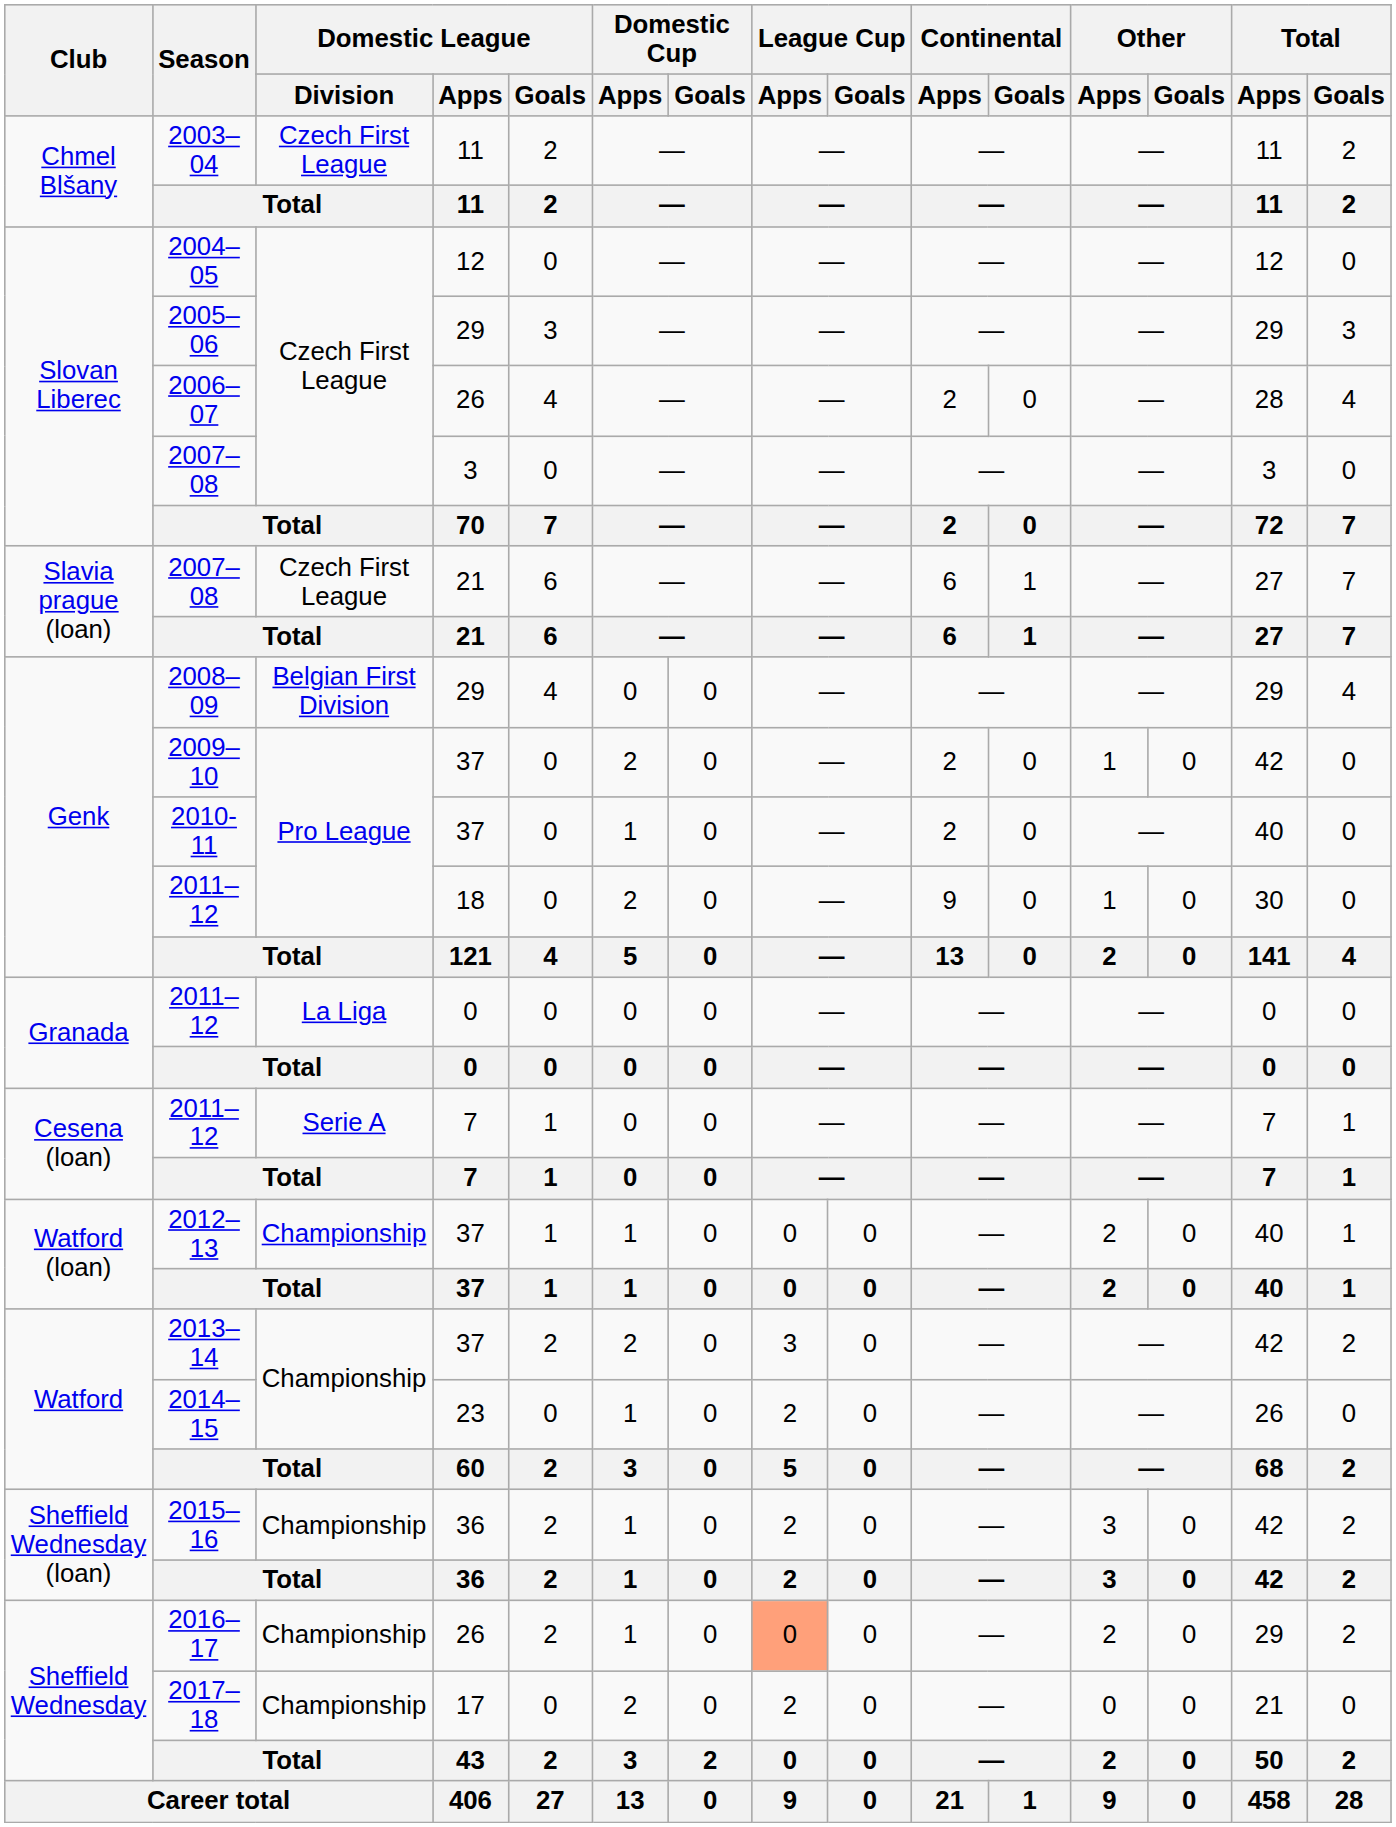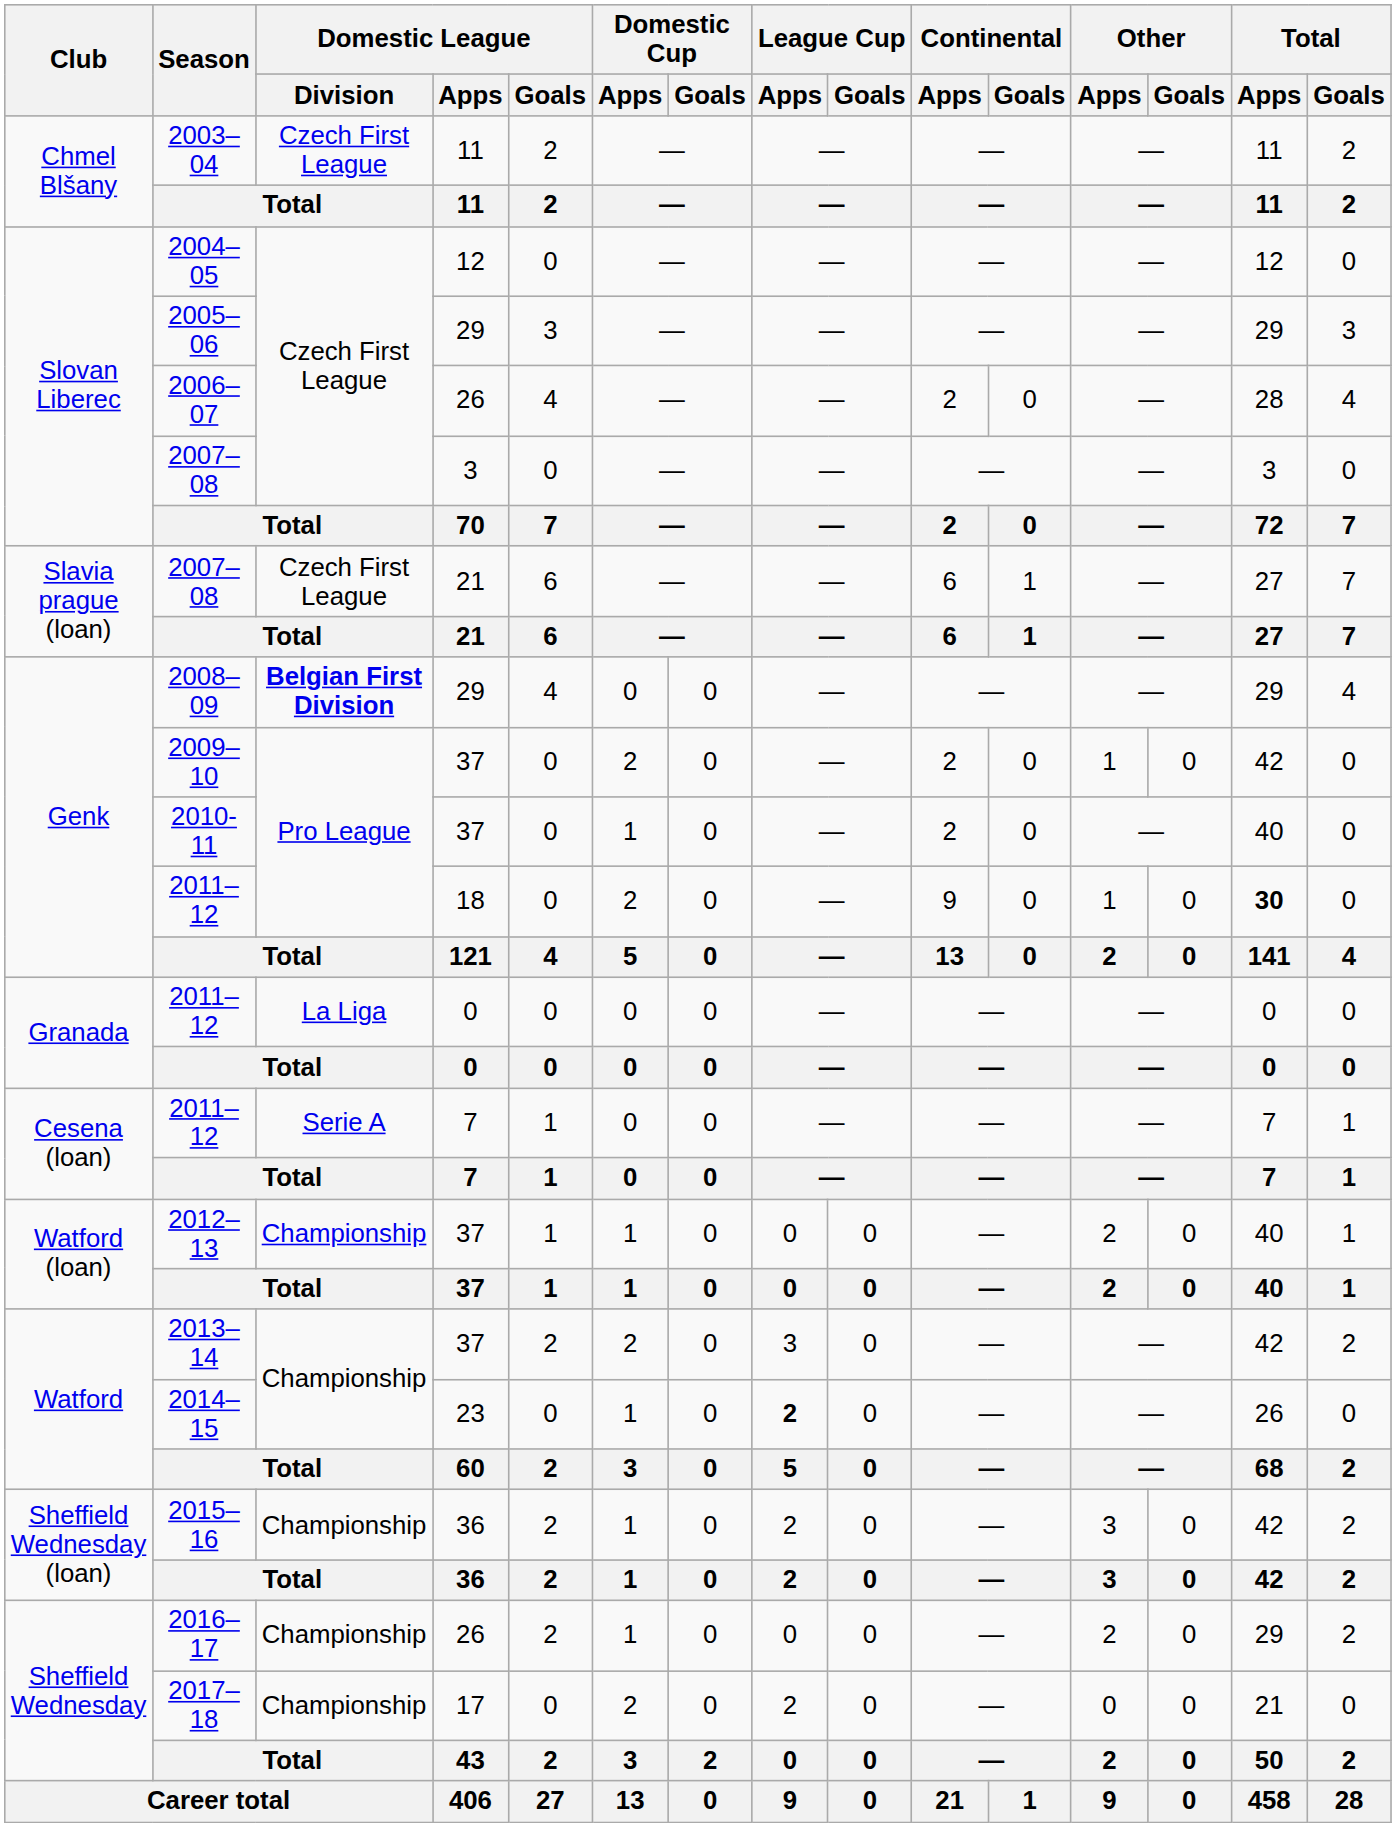 <table class="wikitable" style="text-align: center">
 <tr>
 <th rowspan="2">Club</th>
 <th rowspan="2">Season</th>
 <th colspan="3">Domestic League</th>
 <th colspan="2">Domestic Cup</th>
 <th colspan="2">League Cup</th>
 <th colspan="2">Continental</th>
 <th colspan="2">Other</th>
 <th colspan="2">Total</th>
 </tr>
 <tr>
 <th>Division</th>
 <th>Apps</th>
 <th>Goals</th>
 <th>Apps</th>
 <th>Goals</th>
 <th>Apps</th>
 <th>Goals</th>
 <th>Apps</th>
 <th>Goals</th>
 <th>Apps</th>
 <th>Goals</th>
 <th>Apps</th>
 <th>Goals</th>
 </tr>
 <tr>
 <td rowspan="2"><a href='#'>Chmel Blšany</a></td>
 <td><a href='#'>2003–04</a></td>
 <td><a href='#'>Czech First League</a></td>
 <td>11</td>
 <td>2</td>
 <td colspan="2">—</td>
 <td colspan="2">—</td>
 <td colspan="2">—</td>
 <td colspan="2">—</td>
 <td>11</td>
 <td>2</td>
 </tr>
 <tr>
 <th colspan="2">Total</th>
 <th>11</th>
 <th>2</th>
 <th colspan="2">—</th>
 <th colspan="2">—</th>
 <th colspan="2">—</th>
 <th colspan="2">—</th>
 <th>11</th>
 <th>2</th>
 </tr>
 <tr>
 <td rowspan="5"><a href='#'>Slovan Liberec</a></td>
 <td><a href='#'>2004–05</a></td>
 <td rowspan="4">Czech First League</td>
 <td>12</td>
 <td>0</td>
 <td colspan="2">—</td>
 <td colspan="2">—</td>
 <td colspan="2">—</td>
 <td colspan="2">—</td>
 <td>12</td>
 <td>0</td>
 </tr>
 <tr>
 <td><a href='#'>2005–06</a></td>
 <td>29</td>
 <td>3</td>
 <td colspan="2">—</td>
 <td colspan="2">—</td>
 <td colspan="2">—</td>
 <td colspan="2">—</td>
 <td>29</td>
 <td>3</td>
 </tr>
 <tr>
 <td><a href='#'>2006–07</a></td>
 <td>26</td>
 <td>4</td>
 <td colspan="2">—</td>
 <td colspan="2">—</td>
 <td>2</td>
 <td>0</td>
 <td colspan="2">—</td>
 <td>28</td>
 <td>4</td>
 </tr>
 <tr>
 <td><a href='#'>2007–08</a></td>
 <td>3</td>
 <td>0</td>
 <td colspan="2">—</td>
 <td colspan="2">—</td>
 <td colspan="2">—</td>
 <td colspan="2">—</td>
 <td>3</td>
 <td>0</td>
 </tr>
 <tr>
 <th colspan="2">Total</th>
 <th>70</th>
 <th>7</th>
 <th colspan="2">—</th>
 <th colspan="2">—</th>
 <th>2</th>
 <th>0</th>
 <th colspan="2">—</th>
 <th>72</th>
 <th>7</th>
 </tr>
 <tr>
 <td rowspan="2"><a href='#'>Slavia prague</a> (loan)</td>
 <td><a href='#'>2007–08</a></td>
 <td>Czech First League</td>
 <td>21</td>
 <td>6</td>
 <td colspan="2">—</td>
 <td colspan="2">—</td>
 <td>6</td>
 <td>1</td>
 <td colspan="2">—</td>
 <td>27</td>
 <td>7</td>
 </tr>
 <tr>
 <th colspan="2">Total</th>
 <th>21</th>
 <th>6</th>
 <th colspan="2">—</th>
 <th colspan="2">—</th>
 <th>6</th>
 <th>1</th>
 <th colspan="2">—</th>
 <th>27</th>
 <th>7</th>
 </tr>
 <tr>
 <td rowspan="5"><a href='#'>Genk</a></td>
 <td><a href='#'>2008–09</a></td>
-<td><a href='#'>Belgian First Division</a></td>
+<td><strong><a href='#'>Belgian First Division</a></strong></td>
 <td>29</td>
 <td>4</td>
 <td>0</td>
 <td>0</td>
 <td colspan="2">—</td>
 <td colspan="2">—</td>
 <td colspan="2">—</td>
 <td>29</td>
 <td>4</td>
 </tr>
 <tr>
 <td><a href='#'>2009–10</a></td>
 <td rowspan="3"><a href='#'>Pro League</a></td>
 <td>37</td>
 <td>0</td>
 <td>2</td>
 <td>0</td>
 <td colspan="2">—</td>
 <td>2</td>
 <td>0</td>
 <td>1</td>
 <td>0</td>
 <td>42</td>
 <td>0</td>
 </tr>
 <tr>
 <td><a href='#'>2010-11</a></td>
 <td>37</td>
 <td>0</td>
 <td>1</td>
 <td>0</td>
 <td colspan="2">—</td>
 <td>2</td>
 <td>0</td>
 <td colspan="2">—</td>
 <td>40</td>
 <td>0</td>
 </tr>
 <tr>
 <td><a href='#'>2011–12</a></td>
 <td>18</td>
 <td>0</td>
 <td>2</td>
 <td>0</td>
 <td colspan="2">—</td>
 <td>9</td>
 <td>0</td>
 <td>1</td>
 <td>0</td>
-<td>30</td>
+<td><strong>30</strong></td>
 <td>0</td>
 </tr>
 <tr>
 <th colspan="2">Total</th>
 <th>121</th>
 <th>4</th>
 <th>5</th>
 <th>0</th>
 <th colspan="2">—</th>
 <th>13</th>
 <th>0</th>
 <th>2</th>
 <th>0</th>
 <th>141</th>
 <th>4</th>
 </tr>
 <tr>
 <td rowspan="2"><a href='#'>Granada</a></td>
 <td><a href='#'>2011–12</a></td>
 <td><a href='#'>La Liga</a></td>
 <td>0</td>
 <td>0</td>
 <td>0</td>
 <td>0</td>
 <td colspan="2">—</td>
 <td colspan="2">—</td>
 <td colspan="2">—</td>
 <td>0</td>
 <td>0</td>
 </tr>
 <tr>
 <th colspan="2">Total</th>
 <th>0</th>
 <th>0</th>
 <th>0</th>
 <th>0</th>
 <th colspan="2">—</th>
 <th colspan="2">—</th>
 <th colspan="2">—</th>
 <th>0</th>
 <th>0</th>
 </tr>
 <tr>
 <td rowspan="2"><a href='#'>Cesena</a> (loan)</td>
 <td><a href='#'>2011–12</a></td>
 <td><a href='#'>Serie A</a></td>
 <td>7</td>
 <td>1</td>
 <td>0</td>
 <td>0</td>
 <td colspan="2">—</td>
 <td colspan="2">—</td>
 <td colspan="2">—</td>
 <td>7</td>
 <td>1</td>
 </tr>
 <tr>
 <th colspan="2">Total</th>
 <th>7</th>
 <th>1</th>
 <th>0</th>
 <th>0</th>
 <th colspan="2">—</th>
 <th colspan="2">—</th>
 <th colspan="2">—</th>
 <th>7</th>
 <th>1</th>
 </tr>
 <tr>
 <td rowspan="2"><a href='#'>Watford</a> (loan)</td>
 <td><a href='#'>2012–13</a></td>
 <td><a href='#'>Championship</a></td>
 <td>37</td>
 <td>1</td>
 <td>1</td>
 <td>0</td>
 <td>0</td>
 <td>0</td>
 <td colspan="2">—</td>
 <td>2</td>
 <td>0</td>
 <td>40</td>
 <td>1</td>
 </tr>
 <tr>
 <th colspan="2">Total</th>
 <th>37</th>
 <th>1</th>
 <th>1</th>
 <th>0</th>
 <th>0</th>
 <th>0</th>
 <th colspan="2">—</th>
 <th>2</th>
 <th>0</th>
 <th>40</th>
 <th>1</th>
 </tr>
 <tr>
 <td rowspan="3"><a href='#'>Watford</a></td>
 <td><a href='#'>2013–14</a></td>
 <td rowspan="2">Championship</td>
 <td>37</td>
 <td>2</td>
 <td>2</td>
 <td>0</td>
 <td>3</td>
 <td>0</td>
 <td colspan="2">—</td>
 <td colspan="2">—</td>
 <td>42</td>
 <td>2</td>
 </tr>
 <tr>
 <td><a href='#'>2014–15</a></td>
 <td>23</td>
 <td>0</td>
 <td>1</td>
 <td>0</td>
-<td>2</td>
+<td><strong>2</strong></td>
 <td>0</td>
 <td colspan="2">—</td>
 <td colspan="2">—</td>
 <td>26</td>
 <td>0</td>
 </tr>
 <tr>
 <th colspan="2">Total</th>
 <th>60</th>
 <th>2</th>
 <th>3</th>
 <th>0</th>
 <th>5</th>
 <th>0</th>
 <th colspan="2">—</th>
 <th colspan="2">—</th>
 <th>68</th>
 <th>2</th>
 </tr>
 <tr>
 <td rowspan="2"><a href='#'>Sheffield Wednesday</a> (loan)</td>
 <td><a href='#'>2015–16</a></td>
 <td>Championship</td>
 <td>36</td>
 <td>2</td>
 <td>1</td>
 <td>0</td>
 <td>2</td>
 <td>0</td>
 <td colspan="2">—</td>
 <td>3</td>
 <td>0</td>
 <td>42</td>
 <td>2</td>
 </tr>
 <tr>
 <th colspan="2">Total</th>
 <th>36</th>
 <th>2</th>
 <th>1</th>
 <th>0</th>
 <th>2</th>
 <th>0</th>
 <th colspan="2">—</th>
 <th>3</th>
 <th>0</th>
 <th>42</th>
 <th>2</th>
 </tr>
 <tr>
 <td rowspan="3"><a href='#'>Sheffield Wednesday</a></td>
 <td><a href='#'>2016–17</a></td>
 <td>Championship</td>
 <td>26</td>
 <td>2</td>
 <td>1</td>
 <td>0</td>
-<td style="background: lightsalmon;">0</td>
+<td>0</td>
 <td>0</td>
 <td colspan="2">—</td>
 <td>2</td>
 <td>0</td>
 <td>29</td>
 <td>2</td>
 </tr>
 <tr>
 <td><a href='#'>2017–18</a></td>
 <td>Championship</td>
 <td>17</td>
 <td>0</td>
 <td>2</td>
 <td>0</td>
 <td>2</td>
 <td>0</td>
 <td colspan="2">—</td>
 <td>0</td>
 <td>0</td>
 <td>21</td>
 <td>0</td>
 </tr>
 <tr>
 <th colspan="2">Total</th>
 <th>43</th>
 <th>2</th>
 <th>3</th>
 <th>2</th>
 <th>0</th>
 <th>0</th>
 <th colspan="2">—</th>
 <th>2</th>
 <th>0</th>
 <th>50</th>
 <th>2</th>
 </tr>
 <tr>
 <th colspan="3">Career total</th>
 <th>406</th>
 <th>27</th>
 <th>13</th>
 <th>0</th>
 <th>9</th>
 <th>0</th>
 <th>21</th>
 <th>1</th>
 <th>9</th>
 <th>0</th>
 <th>458</th>
 <th>28</th>
 </tr>
 </table>
